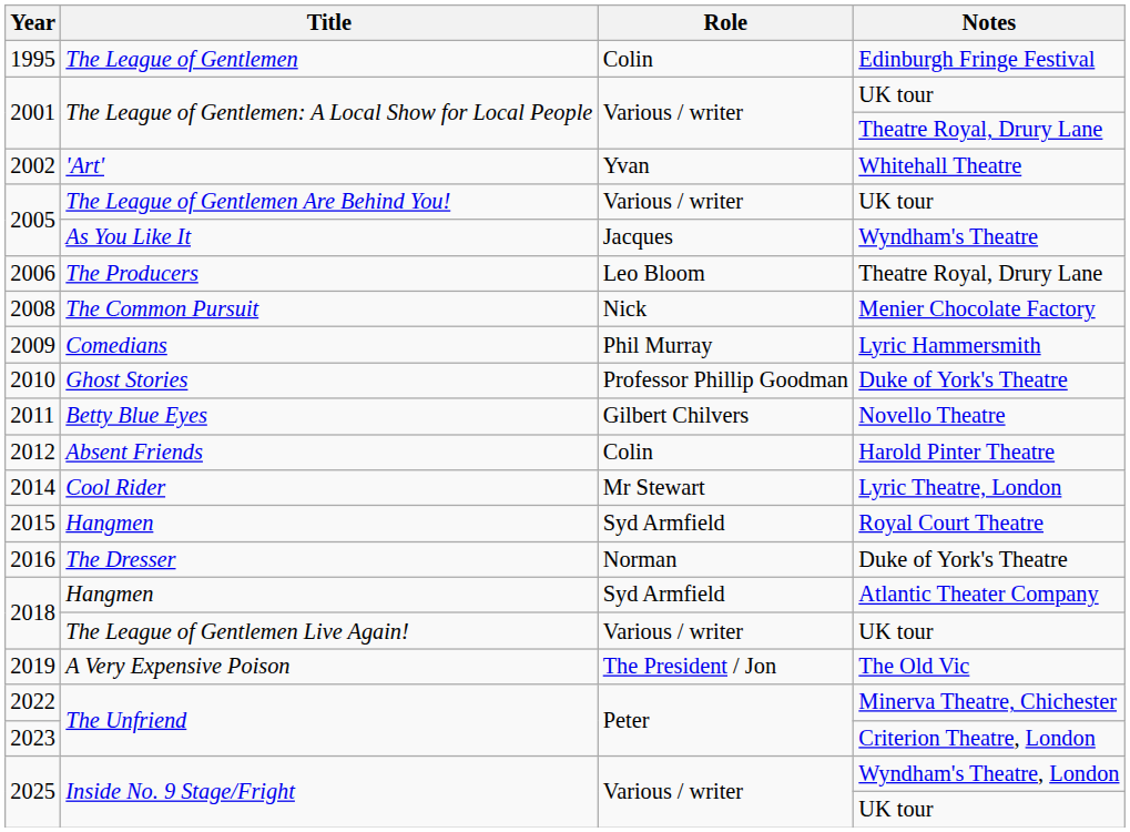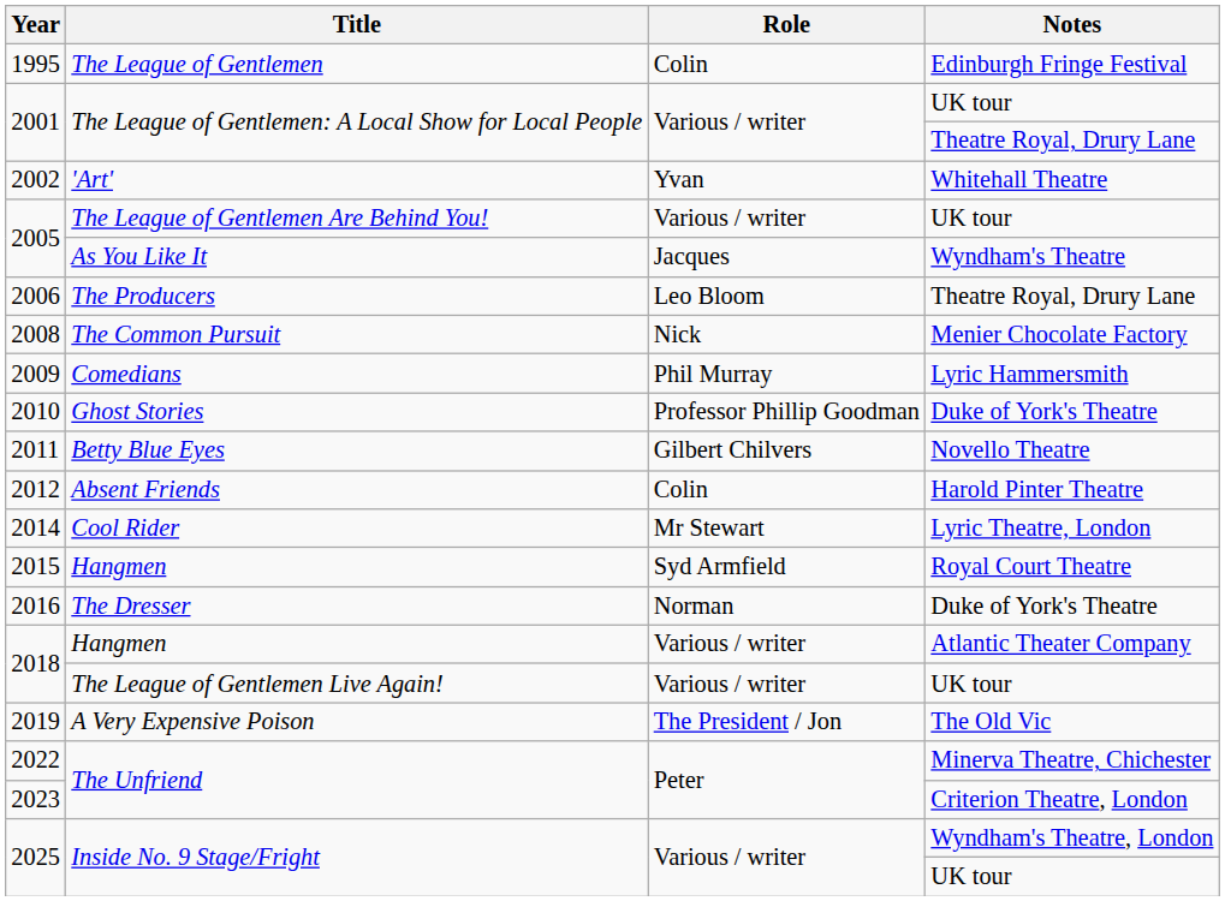 <table class="wikitable sortable">
 <tr>
 <th>Year</th>
 <th>Title</th>
 <th>Role</th>
 <th>Notes</th>
 </tr>
 <tr>
 <td>1995</td>
 <td><em><a href='#'>The League of Gentlemen</a></em></td>
 <td>Colin</td>
 <td><a href='#'>Edinburgh Fringe Festival</a></td>
 </tr>
 <tr>
 <td rowspan="2">2001</td>
 <td rowspan="2"><em>The League of Gentlemen: A Local Show for Local People</em></td>
 <td rowspan="2">Various / writer</td>
 <td>UK tour</td>
 </tr>
 <tr>
 <td><a href='#'>Theatre Royal, Drury Lane</a></td>
 </tr>
 <tr>
 <td>2002</td>
 <td><em><a href='#'>'Art'</a></em></td>
 <td>Yvan</td>
 <td><a href='#'>Whitehall Theatre</a></td>
 </tr>
 <tr>
 <td rowspan="2">2005</td>
 <td><em><a href='#'>The League of Gentlemen Are Behind You!</a></em></td>
 <td>Various / writer</td>
 <td>UK tour</td>
 </tr>
 <tr>
 <td><em><a href='#'>As You Like It</a></em></td>
 <td>Jacques</td>
 <td><a href='#'>Wyndham's Theatre</a></td>
 </tr>
 <tr>
 <td>2006</td>
 <td><em><a href='#'>The Producers</a></em></td>
 <td>Leo Bloom</td>
 <td>Theatre Royal, Drury Lane</td>
 </tr>
 <tr>
 <td>2008</td>
 <td><em><a href='#'>The Common Pursuit</a></em></td>
 <td>Nick</td>
 <td><a href='#'>Menier Chocolate Factory</a></td>
 </tr>
 <tr>
 <td>2009</td>
 <td><em><a href='#'>Comedians</a></em></td>
 <td>Phil Murray</td>
 <td><a href='#'>Lyric Hammersmith</a></td>
 </tr>
 <tr>
 <td>2010</td>
 <td><em><a href='#'>Ghost Stories</a></em></td>
 <td>Professor Phillip Goodman</td>
 <td><a href='#'>Duke of York's Theatre</a></td>
 </tr>
 <tr>
 <td>2011</td>
 <td><em><a href='#'>Betty Blue Eyes</a></em></td>
 <td>Gilbert Chilvers</td>
 <td><a href='#'>Novello Theatre</a></td>
 </tr>
 <tr>
 <td>2012</td>
 <td><em><a href='#'>Absent Friends</a></em></td>
 <td>Colin</td>
 <td><a href='#'>Harold Pinter Theatre</a></td>
 </tr>
 <tr>
 <td>2014</td>
 <td><em><a href='#'>Cool Rider</a></em></td>
 <td>Mr Stewart</td>
 <td><a href='#'>Lyric Theatre, London</a></td>
 </tr>
 <tr>
 <td>2015</td>
 <td><a href='#'><em>Hangmen</em></a></td>
 <td>Syd Armfield</td>
 <td><a href='#'>Royal Court Theatre</a></td>
 </tr>
 <tr>
 <td>2016</td>
 <td><em><a href='#'>The Dresser</a></em></td>
 <td>Norman</td>
 <td>Duke of York's Theatre</td>
 </tr>
 <tr>
 <td rowspan="2">2018</td>
 <td><em>Hangmen</em></td>
-<td>Syd Armfield</td>
+<td>Various / writer</td>
 <td><a href='#'>Atlantic Theater Company</a></td>
 </tr>
 <tr>
 <td><em>The League of Gentlemen Live Again!</em></td>
 <td>Various / writer</td>
 <td>UK tour</td>
 </tr>
 <tr>
 <td>2019</td>
 <td><em>A Very Expensive Poison</em></td>
 <td><a href='#'>The President</a> / Jon</td>
 <td><a href='#'>The Old Vic</a></td>
 </tr>
 <tr>
 <td>2022</td>
 <td rowspan="2"><em><a href='#'>The Unfriend</a></em></td>
 <td rowspan="2">Peter</td>
 <td><a href='#'>Minerva Theatre, Chichester</a></td>
 </tr>
 <tr>
 <td>2023</td>
 <td><a href='#'>Criterion Theatre</a>, <a href='#'>London</a></td>
 </tr>
 <tr>
 <td rowspan="2">2025</td>
 <td rowspan="2"><em><a href='#'>Inside No. 9 Stage/Fright</a></em></td>
 <td rowspan="2">Various / writer</td>
 <td><a href='#'>Wyndham's Theatre</a>, <a href='#'>London</a></td>
 </tr>
 <tr>
 <td>UK tour</td>
 </tr>
 </table>
